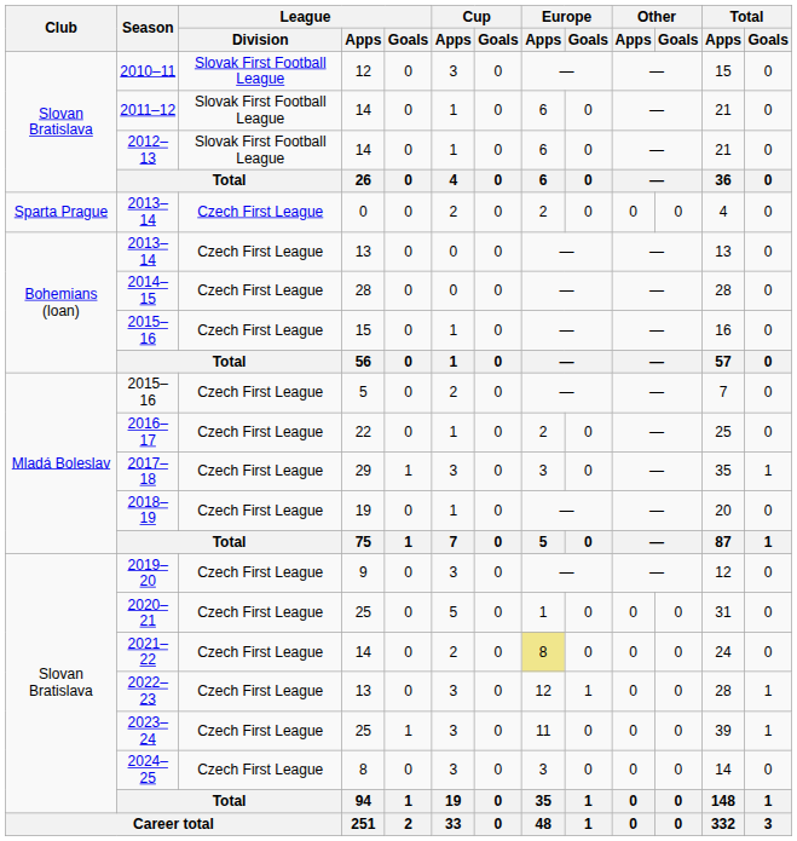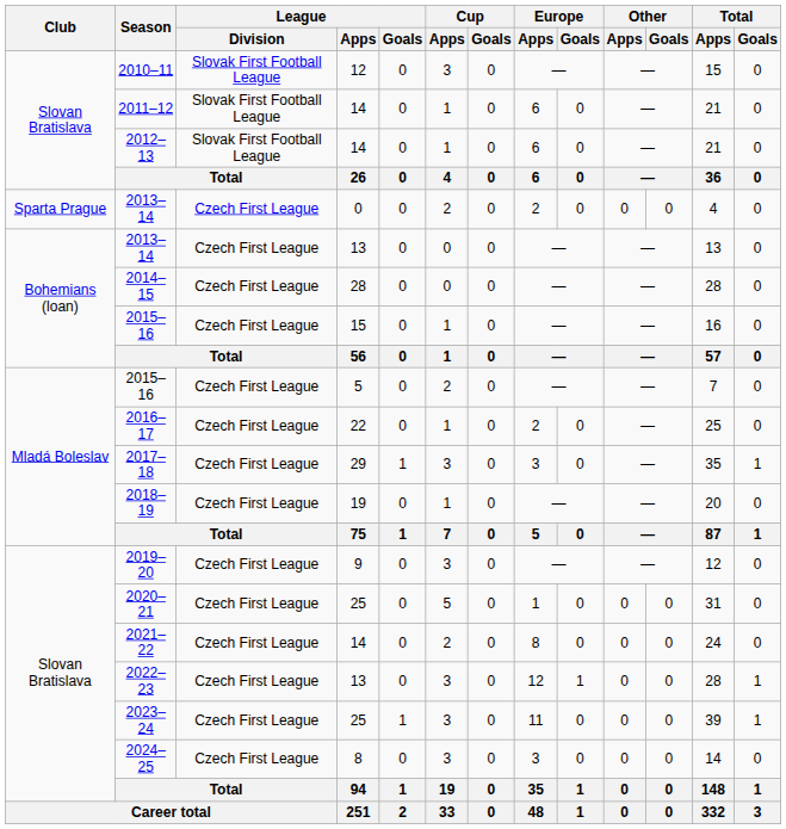 <table class="wikitable" style="text-align:center">
 <tr>
 <th rowspan="2">Club</th>
 <th rowspan="2">Season</th>
 <th colspan="3">League</th>
 <th colspan="2">Cup</th>
 <th colspan="2">Europe</th>
 <th colspan="2">Other</th>
 <th colspan="2">Total</th>
 </tr>
 <tr>
 <th>Division</th>
 <th>Apps</th>
 <th>Goals</th>
 <th>Apps</th>
 <th>Goals</th>
 <th>Apps</th>
 <th>Goals</th>
 <th>Apps</th>
 <th>Goals</th>
 <th>Apps</th>
 <th>Goals</th>
 </tr>
 <tr>
 <td rowspan="4"><a href='#'>Slovan Bratislava</a></td>
 <td><a href='#'>2010–11</a></td>
 <td><a href='#'>Slovak First Football League</a></td>
 <td>12</td>
 <td>0</td>
 <td>3</td>
 <td>0</td>
 <td colspan="2">—</td>
 <td colspan="2">—</td>
 <td>15</td>
 <td>0</td>
 </tr>
 <tr>
 <td><a href='#'>2011–12</a></td>
 <td>Slovak First Football League</td>
 <td>14</td>
 <td>0</td>
 <td>1</td>
 <td>0</td>
 <td>6</td>
 <td>0</td>
 <td colspan="2">—</td>
 <td>21</td>
 <td>0</td>
 </tr>
 <tr>
 <td><a href='#'>2012–13</a></td>
 <td>Slovak First Football League</td>
 <td>14</td>
 <td>0</td>
 <td>1</td>
 <td>0</td>
 <td>6</td>
 <td>0</td>
 <td colspan="2">—</td>
 <td>21</td>
 <td>0</td>
 </tr>
 <tr>
 <th colspan="2">Total</th>
 <th>26</th>
 <th>0</th>
 <th>4</th>
 <th>0</th>
 <th>6</th>
 <th>0</th>
 <th colspan="2">—</th>
 <th>36</th>
 <th>0</th>
 </tr>
 <tr>
 <td><a href='#'>Sparta Prague</a></td>
 <td><a href='#'>2013–14</a></td>
 <td><a href='#'>Czech First League</a></td>
 <td>0</td>
 <td>0</td>
 <td>2</td>
 <td>0</td>
 <td>2</td>
 <td>0</td>
 <td>0</td>
 <td>0</td>
 <td>4</td>
 <td>0</td>
 </tr>
 <tr>
 <td rowspan="4"><a href='#'>Bohemians</a> (loan)</td>
 <td><a href='#'>2013–14</a></td>
 <td>Czech First League</td>
 <td>13</td>
 <td>0</td>
 <td>0</td>
 <td>0</td>
 <td colspan="2">—</td>
 <td colspan="2">—</td>
 <td>13</td>
 <td>0</td>
 </tr>
 <tr>
 <td><a href='#'>2014–15</a></td>
 <td>Czech First League</td>
 <td>28</td>
 <td>0</td>
 <td>0</td>
 <td>0</td>
 <td colspan="2">—</td>
 <td colspan="2">—</td>
 <td>28</td>
 <td>0</td>
 </tr>
 <tr>
 <td><a href='#'>2015–16</a></td>
 <td>Czech First League</td>
 <td>15</td>
 <td>0</td>
 <td>1</td>
 <td>0</td>
 <td colspan="2">—</td>
 <td colspan="2">—</td>
 <td>16</td>
 <td>0</td>
 </tr>
 <tr>
 <th colspan="2">Total</th>
 <th>56</th>
 <th>0</th>
 <th>1</th>
 <th>0</th>
 <th colspan="2">—</th>
 <th colspan="2">—</th>
 <th>57</th>
 <th>0</th>
 </tr>
 <tr>
 <td rowspan="5"><a href='#'>Mladá Boleslav</a></td>
 <td>2015–16</td>
 <td>Czech First League</td>
 <td>5</td>
 <td>0</td>
 <td>2</td>
 <td>0</td>
 <td colspan="2">—</td>
 <td colspan="2">—</td>
 <td>7</td>
 <td>0</td>
 </tr>
 <tr>
 <td><a href='#'>2016–17</a></td>
 <td>Czech First League</td>
 <td>22</td>
 <td>0</td>
 <td>1</td>
 <td>0</td>
 <td>2</td>
 <td>0</td>
 <td colspan="2">—</td>
 <td>25</td>
 <td>0</td>
 </tr>
 <tr>
 <td><a href='#'>2017–18</a></td>
 <td>Czech First League</td>
 <td>29</td>
 <td>1</td>
 <td>3</td>
 <td>0</td>
 <td>3</td>
 <td>0</td>
 <td colspan="2">—</td>
 <td>35</td>
 <td>1</td>
 </tr>
 <tr>
 <td><a href='#'>2018–19</a></td>
 <td>Czech First League</td>
 <td>19</td>
 <td>0</td>
 <td>1</td>
 <td>0</td>
 <td colspan="2">—</td>
 <td colspan="2">—</td>
 <td>20</td>
 <td>0</td>
 </tr>
 <tr>
 <th colspan="2">Total</th>
 <th>75</th>
 <th>1</th>
 <th>7</th>
 <th>0</th>
 <th>5</th>
 <th>0</th>
 <th colspan="2">—</th>
 <th>87</th>
 <th>1</th>
 </tr>
 <tr>
 <td rowspan="7">Slovan Bratislava</td>
 <td><a href='#'>2019–20</a></td>
 <td>Czech First League</td>
 <td>9</td>
 <td>0</td>
 <td>3</td>
 <td>0</td>
 <td colspan="2">—</td>
 <td colspan="2">—</td>
 <td>12</td>
 <td>0</td>
 </tr>
 <tr>
 <td><a href='#'>2020–21</a></td>
 <td>Czech First League</td>
 <td>25</td>
 <td>0</td>
 <td>5</td>
 <td>0</td>
 <td>1</td>
 <td>0</td>
 <td>0</td>
 <td>0</td>
 <td>31</td>
 <td>0</td>
 </tr>
 <tr>
 <td><a href='#'>2021–22</a></td>
 <td>Czech First League</td>
 <td>14</td>
 <td>0</td>
 <td>2</td>
 <td>0</td>
-<td style="background: khaki;">8</td>
+<td>8</td>
 <td>0</td>
 <td>0</td>
 <td>0</td>
 <td>24</td>
 <td>0</td>
 </tr>
 <tr>
 <td><a href='#'>2022–23</a></td>
 <td>Czech First League</td>
 <td>13</td>
 <td>0</td>
 <td>3</td>
 <td>0</td>
 <td>12</td>
 <td>1</td>
 <td>0</td>
 <td>0</td>
 <td>28</td>
 <td>1</td>
 </tr>
 <tr>
 <td><a href='#'>2023–24</a></td>
 <td>Czech First League</td>
 <td>25</td>
 <td>1</td>
 <td>3</td>
 <td>0</td>
 <td>11</td>
 <td>0</td>
 <td>0</td>
 <td>0</td>
 <td>39</td>
 <td>1</td>
 </tr>
 <tr>
 <td><a href='#'>2024–25</a></td>
 <td>Czech First League</td>
 <td>8</td>
 <td>0</td>
 <td>3</td>
 <td>0</td>
 <td>3</td>
 <td>0</td>
 <td>0</td>
 <td>0</td>
 <td>14</td>
 <td>0</td>
 </tr>
 <tr>
 <th colspan="2">Total</th>
 <th>94</th>
 <th>1</th>
 <th>19</th>
 <th>0</th>
 <th>35</th>
 <th>1</th>
 <th>0</th>
 <th>0</th>
 <th>148</th>
 <th>1</th>
 </tr>
 <tr>
 <th colspan="3">Career total</th>
 <th>251</th>
 <th>2</th>
 <th>33</th>
 <th>0</th>
 <th>48</th>
 <th>1</th>
 <th>0</th>
 <th>0</th>
 <th>332</th>
 <th>3</th>
 </tr>
 </table>
